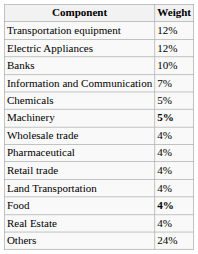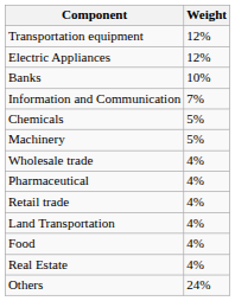 <table class="wikitable" style="text-align:left">
 <tr>
 <th>Component</th>
 <th>Weight</th>
 </tr>
 <tr>
 <td>Transportation equipment</td>
 <td>12%</td>
 </tr>
 <tr>
 <td>Electric Appliances</td>
 <td>12%</td>
 </tr>
 <tr>
 <td>Banks</td>
 <td>10%</td>
 </tr>
 <tr>
 <td>Information and Communication</td>
 <td>7%</td>
 </tr>
 <tr>
 <td>Chemicals</td>
 <td>5%</td>
 </tr>
 <tr>
 <td>Machinery</td>
-<td><strong>5%</strong></td>
+<td>5%</td>
 </tr>
 <tr>
 <td>Wholesale trade</td>
 <td>4%</td>
 </tr>
 <tr>
 <td>Pharmaceutical</td>
 <td>4%</td>
 </tr>
 <tr>
 <td>Retail trade</td>
 <td>4%</td>
 </tr>
 <tr>
 <td>Land Transportation</td>
 <td>4%</td>
 </tr>
 <tr>
 <td>Food</td>
-<td><strong>4%</strong></td>
+<td>4%</td>
 </tr>
 <tr>
 <td>Real Estate</td>
 <td>4%</td>
 </tr>
 <tr>
 <td>Others</td>
 <td>24%</td>
 </tr>
 </table>
